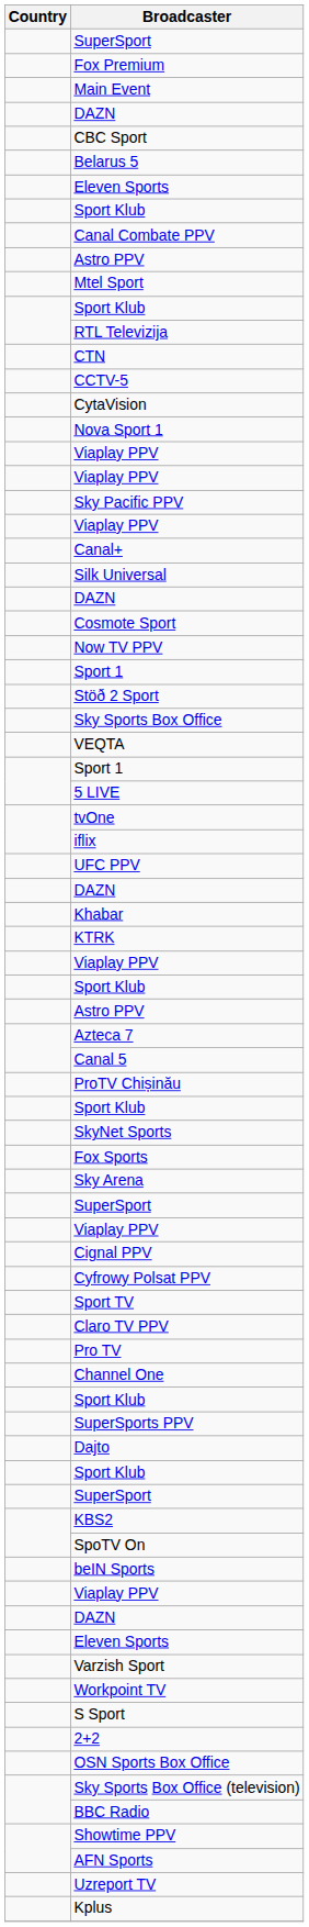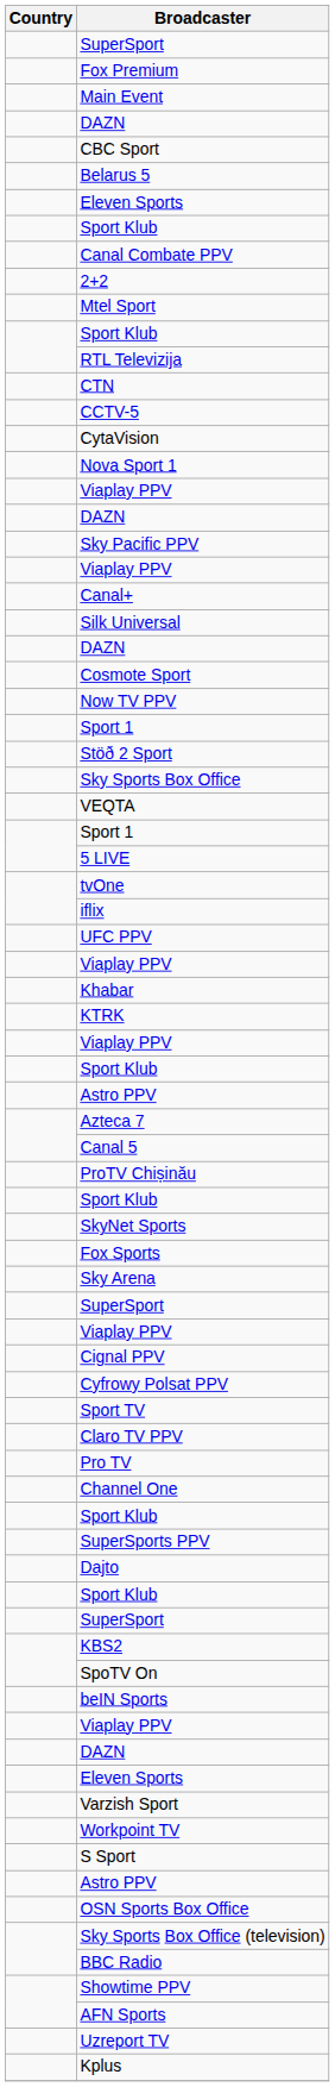 <table class="wikitable collapsible collapsed" font-size:95%;">
 <tr>
 <th align=center>Country</th>
 <th align=center>Broadcaster</th>
 </tr>
 <tr>
 <td></td>
 <td><a href='#'>SuperSport</a></td>
 </tr>
 <tr>
 <td></td>
 <td><a href='#'>Fox Premium</a></td>
 </tr>
 <tr>
 <td></td>
 <td><a href='#'>Main Event</a></td>
 </tr>
 <tr>
 <td></td>
 <td><a href='#'>DAZN</a></td>
 </tr>
 <tr>
 <td></td>
 <td>CBC Sport</td>
 </tr>
 <tr>
 <td></td>
 <td><a href='#'>Belarus 5</a></td>
 </tr>
 <tr>
 <td></td>
 <td><a href='#'>Eleven Sports</a></td>
 </tr>
 <tr>
 <td></td>
 <td><a href='#'>Sport Klub</a></td>
 </tr>
 <tr>
 <td></td>
 <td><a href='#'>Canal Combate PPV</a></td>
 </tr>
 <tr>
 <td></td>
-<td><a href='#'>Astro PPV</a></td>
+<td><a href='#'>2+2</a></td>
 </tr>
 <tr>
 <td></td>
 <td><a href='#'>Mtel Sport</a></td>
 </tr>
 <tr>
 <td style="text-align:left;" rowspan="2"></td>
 <td><a href='#'>Sport Klub</a></td>
 </tr>
 <tr>
 <td><a href='#'>RTL Televizija</a></td>
 </tr>
 <tr>
 <td></td>
 <td><a href='#'>CTN</a></td>
 </tr>
 <tr>
 <td></td>
 <td><a href='#'>CCTV-5</a></td>
 </tr>
 <tr>
 <td></td>
 <td>CytaVision</td>
 </tr>
 <tr>
 <td></td>
 <td><a href='#'>Nova Sport 1</a></td>
 </tr>
 <tr>
 <td></td>
 <td><a href='#'>Viaplay PPV</a></td>
 </tr>
 <tr>
 <td></td>
-<td><a href='#'>Viaplay PPV</a></td>
+<td><a href='#'>DAZN</a></td>
 </tr>
 <tr>
 <td></td>
 <td><a href='#'>Sky Pacific PPV</a></td>
 </tr>
 <tr>
 <td></td>
 <td><a href='#'>Viaplay PPV</a></td>
 </tr>
 <tr>
 <td></td>
 <td><a href='#'>Canal+</a></td>
 </tr>
 <tr>
 <td></td>
 <td><a href='#'>Silk Universal</a></td>
 </tr>
 <tr>
 <td></td>
 <td><a href='#'>DAZN</a></td>
 </tr>
 <tr>
 <td></td>
 <td><a href='#'>Cosmote Sport</a></td>
 </tr>
 <tr>
 <td></td>
 <td><a href='#'>Now TV PPV</a></td>
 </tr>
 <tr>
 <td></td>
 <td><a href='#'>Sport 1</a></td>
 </tr>
 <tr>
 <td></td>
 <td><a href='#'>Stöð 2 Sport</a></td>
 </tr>
 <tr>
 <td></td>
 <td><a href='#'>Sky Sports Box Office</a></td>
 </tr>
 <tr>
 <td></td>
 <td>VEQTA</td>
 </tr>
 <tr>
 <td style="text-align:left;" rowspan="2"></td>
 <td>Sport 1</td>
 </tr>
 <tr>
 <td><a href='#'>5 LIVE</a></td>
 </tr>
 <tr>
 <td style="text-align:left;" rowspan="2"></td>
 <td><a href='#'>tvOne</a></td>
 </tr>
 <tr>
 <td><a href='#'>iflix</a></td>
 </tr>
 <tr>
 <td></td>
 <td><a href='#'>UFC PPV</a></td>
 </tr>
 <tr>
 <td></td>
-<td><a href='#'>DAZN</a></td>
+<td><a href='#'>Viaplay PPV</a></td>
 </tr>
 <tr>
 <td></td>
 <td><a href='#'>Khabar</a></td>
 </tr>
 <tr>
 <td></td>
 <td><a href='#'>KTRK</a></td>
 </tr>
 <tr>
 <td></td>
 <td><a href='#'>Viaplay PPV</a></td>
 </tr>
 <tr>
 <td></td>
 <td><a href='#'>Sport Klub</a></td>
 </tr>
 <tr>
 <td></td>
 <td><a href='#'>Astro PPV</a></td>
 </tr>
 <tr>
 <td style="text-align:left;" rowspan="2"></td>
 <td><a href='#'>Azteca 7</a></td>
 </tr>
 <tr>
 <td><a href='#'>Canal 5</a></td>
 </tr>
 <tr>
 <td></td>
 <td><a href='#'>ProTV Chișinău</a></td>
 </tr>
 <tr>
 <td></td>
 <td><a href='#'>Sport Klub</a></td>
 </tr>
 <tr>
 <td></td>
 <td><a href='#'>SkyNet Sports</a></td>
 </tr>
 <tr>
 <td></td>
 <td><a href='#'>Fox Sports</a></td>
 </tr>
 <tr>
 <td></td>
 <td><a href='#'>Sky Arena</a></td>
 </tr>
 <tr>
 <td></td>
 <td><a href='#'>SuperSport</a></td>
 </tr>
 <tr>
 <td></td>
 <td><a href='#'>Viaplay PPV</a></td>
 </tr>
 <tr>
 <td></td>
 <td><a href='#'>Cignal PPV</a></td>
 </tr>
 <tr>
 <td></td>
 <td><a href='#'>Cyfrowy Polsat PPV</a></td>
 </tr>
 <tr>
 <td></td>
 <td><a href='#'>Sport TV</a></td>
 </tr>
 <tr>
 <td></td>
 <td><a href='#'>Claro TV PPV</a></td>
 </tr>
 <tr>
 <td></td>
 <td><a href='#'>Pro TV</a></td>
 </tr>
 <tr>
 <td></td>
 <td><a href='#'>Channel One</a></td>
 </tr>
 <tr>
 <td></td>
 <td><a href='#'>Sport Klub</a></td>
 </tr>
 <tr>
 <td></td>
 <td><a href='#'>SuperSports PPV</a></td>
 </tr>
 <tr>
 <td></td>
 <td><a href='#'>Dajto</a></td>
 </tr>
 <tr>
 <td></td>
 <td><a href='#'>Sport Klub</a></td>
 </tr>
 <tr>
 <td></td>
 <td><a href='#'>SuperSport</a></td>
 </tr>
 <tr>
 <td style="text-align:left;" rowspan="2"></td>
 <td><a href='#'>KBS2</a></td>
 </tr>
 <tr>
 <td>SpoTV On</td>
 </tr>
 <tr>
 <td></td>
 <td><a href='#'>beIN Sports</a></td>
 </tr>
 <tr>
 <td></td>
 <td><a href='#'>Viaplay PPV</a></td>
 </tr>
 <tr>
 <td></td>
 <td><a href='#'>DAZN</a></td>
 </tr>
 <tr>
 <td></td>
 <td><a href='#'>Eleven Sports</a></td>
 </tr>
 <tr>
 <td></td>
 <td>Varzish Sport</td>
 </tr>
 <tr>
 <td></td>
 <td><a href='#'>Workpoint TV</a></td>
 </tr>
 <tr>
 <td></td>
 <td>S Sport</td>
 </tr>
 <tr>
 <td></td>
-<td><a href='#'>2+2</a></td>
+<td><a href='#'>Astro PPV</a></td>
 </tr>
 <tr>
 <td></td>
 <td><a href='#'>OSN Sports Box Office</a></td>
 </tr>
 <tr>
 <td style="text-align:left;" rowspan="2"></td>
 <td><a href='#'>Sky Sports</a> <a href='#'>Box Office</a> (television)</td>
 </tr>
 <tr>
 <td><a href='#'>BBC Radio</a></td>
 </tr>
 <tr>
 <td style="text-align:left;" rowspan="2"></td>
 <td><a href='#'>Showtime PPV</a></td>
 </tr>
 <tr>
 <td><a href='#'>AFN Sports</a></td>
 </tr>
 <tr>
 <td></td>
 <td><a href='#'>Uzreport TV</a></td>
 </tr>
 <tr>
 <td></td>
 <td>Kplus</td>
 </tr>
 <tr>
 </tr>
 </table>
